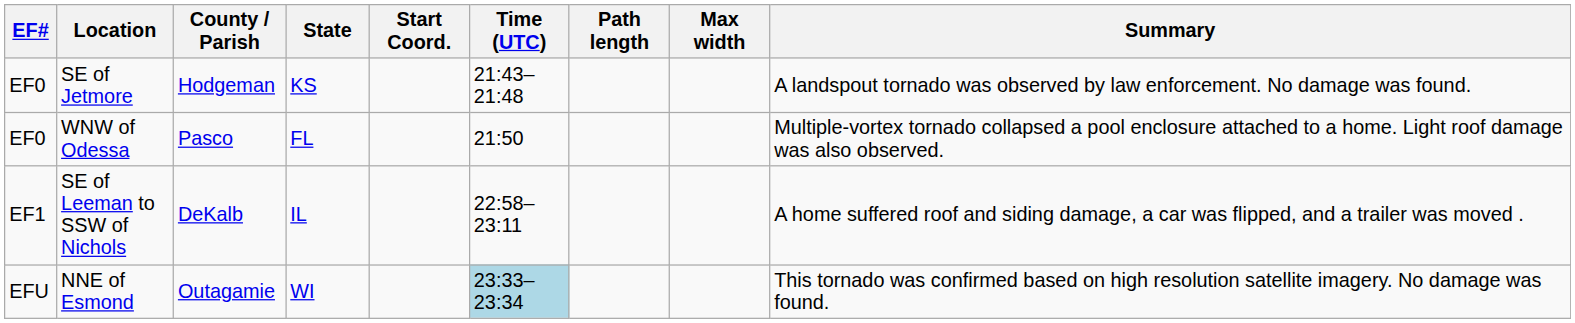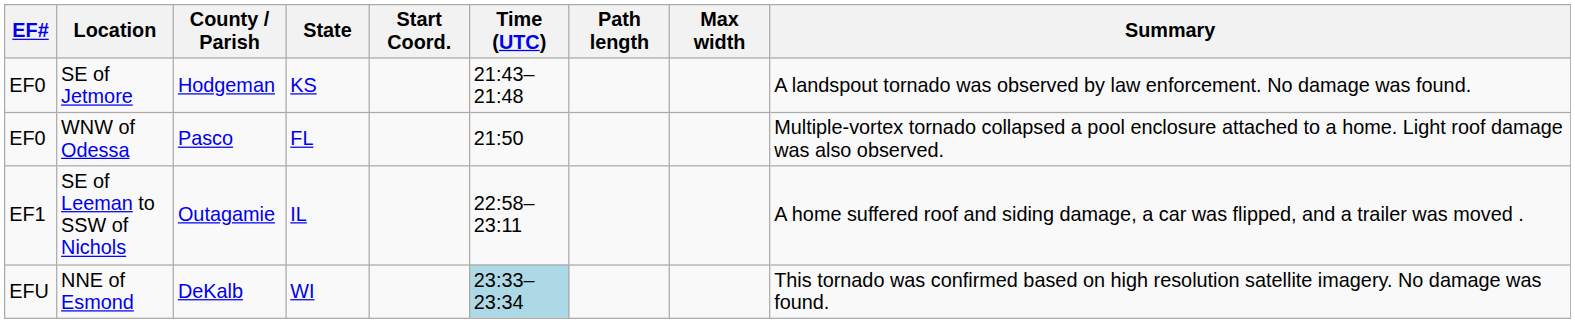 <table class="wikitable sortable" style="width:100%;">
 <tr>
 <th scope="col"  style="width:3%; text-align:center;"><a href='#'>EF#</a></th>
 <th scope="col"  style="width:7%; text-align:center;" class="unsortable">Location</th>
 <th scope="col"  style="width:6%; text-align:center;" class="unsortable">County / Parish</th>
 <th scope="col"  style="width:5%; text-align:center;">State</th>
 <th scope="col"  style="width:6%; text-align:center;">Start Coord.</th>
 <th scope="col"  style="width:6%; text-align:center;">Time (<a href='#'>UTC</a>)</th>
 <th scope="col"  style="width:6%; text-align:center;">Path length</th>
 <th scope="col"  style="width:6%; text-align:center;">Max width</th>
 <th scope="col" class="unsortable" style="width:48%; text-align:center;">Summary</th>
 </tr>
 <tr>
 <td>EF0</td>
 <td>SE of <a href='#'>Jetmore</a></td>
 <td><a href='#'>Hodgeman</a></td>
 <td><a href='#'>KS</a></td>
 <td></td>
 <td>21:43–21:48</td>
 <td></td>
 <td></td>
 <td>A landspout tornado was observed by law enforcement. No damage was found.</td>
 </tr>
 <tr>
 <td>EF0</td>
 <td>WNW of <a href='#'>Odessa</a></td>
 <td><a href='#'>Pasco</a></td>
 <td><a href='#'>FL</a></td>
 <td></td>
 <td>21:50</td>
 <td></td>
 <td></td>
 <td>Multiple-vortex tornado collapsed a pool enclosure attached to a home. Light roof damage was also observed.</td>
 </tr>
 <tr>
 <td>EF1</td>
 <td>SE of <a href='#'>Leeman</a> to SSW of <a href='#'>Nichols</a></td>
-<td><a href='#'>DeKalb</a></td>
+<td><a href='#'>Outagamie</a></td>
 <td><a href='#'>IL</a></td>
 <td></td>
 <td>22:58–23:11</td>
 <td></td>
 <td></td>
 <td>A home suffered roof and siding damage, a car was flipped, and a  trailer was moved .</td>
 </tr>
 <tr>
 <td>EFU</td>
 <td>NNE of <a href='#'>Esmond</a></td>
-<td><a href='#'>Outagamie</a></td>
+<td><a href='#'>DeKalb</a></td>
 <td><a href='#'>WI</a></td>
 <td></td>
 <td style="background: lightblue;">23:33–23:34</td>
 <td></td>
 <td></td>
 <td>This tornado was confirmed based on high resolution satellite imagery. No damage was found.</td>
 </tr>
 </table>
